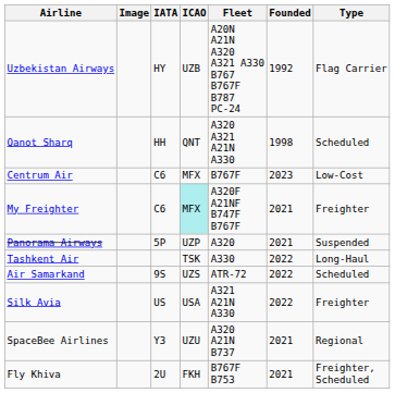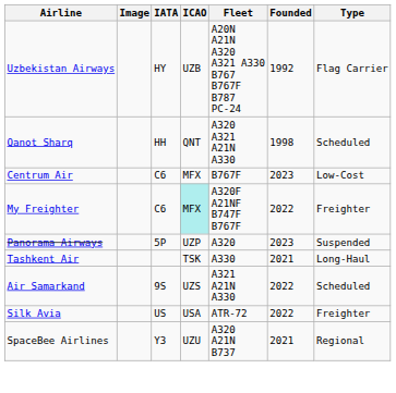 <table class="wikitable sortable">
 <tr valign="middle">
 <th>Airline</th>
 <th>Image</th>
 <th>IATA</th>
 <th>ICAO</th>
 <th>Fleet</th>
 <th>Founded</th>
 <th>Type</th>
 </tr>
 <tr>
 <td><a href='#'>Uzbekistan Airways</a></td>
 <td></td>
 <td>HY</td>
 <td>UZB</td>
 <td>A20N<br>A21N<br>A320<br>A321 A330<br>B767<br>B767F<br>B787<br>PC-24</td>
 <td>1992</td>
 <td>Flag Carrier</td>
 </tr>
 <tr>
 <td><a href='#'>Qanot Sharq</a></td>
 <td></td>
 <td>HH</td>
 <td>QNT</td>
 <td>A320<br>A321<br>A21N<br>A330</td>
 <td>1998</td>
 <td>Scheduled</td>
 </tr>
 <tr>
 <td><a href='#'>Centrum Air</a></td>
 <td></td>
 <td>C6</td>
 <td>MFX</td>
 <td>B767F</td>
 <td>2023</td>
 <td>Low-Cost</td>
 </tr>
 <tr>
 <td><a href='#'>My Freighter</a></td>
 <td></td>
 <td>C6</td>
 <td style="background: paleturquoise;">MFX</td>
 <td>A320F<br>A21NF<br>B747F<br>B767F</td>
-<td>2021</td>
+<td>2022</td>
 <td>Freighter</td>
 </tr>
 <tr>
 <td><s><a href='#'>Panorama Airways</a></s></td>
 <td></td>
 <td>5P</td>
 <td>UZP</td>
 <td>A320</td>
-<td>2021</td>
+<td>2023</td>
 <td>Suspended</td>
 </tr>
 <tr>
 <td><a href='#'>Tashkent Air</a></td>
 <td></td>
 <td></td>
 <td>TSK</td>
 <td>A330</td>
-<td>2022</td>
+<td>2021</td>
 <td>Long-Haul</td>
 </tr>
 <tr>
 <td><a href='#'>Air Samarkand</a></td>
 <td></td>
 <td>9S</td>
 <td>UZS</td>
-<td>ATR-72</td>
+<td>A321<br>A21N<br>A330</td>
 <td>2022</td>
 <td>Scheduled</td>
 </tr>
 <tr>
 <td><a href='#'>Silk Avia</a></td>
 <td></td>
 <td>US</td>
 <td>USA</td>
-<td>A321<br>A21N<br>A330</td>
+<td>ATR-72</td>
 <td>2022</td>
 <td>Freighter</td>
 </tr>
 <tr>
 <td>SpaceBee Airlines</td>
 <td></td>
 <td>Y3</td>
 <td>UZU</td>
 <td>A320<br>A21N<br>B737</td>
 <td>2021</td>
 <td>Regional</td>
 </tr>
-<tr>
-<td>Fly Khiva</td>
-<td></td>
-<td>2U</td>
-<td>FKH</td>
-<td>B767F<br>B753</td>
-<td>2021</td>
-<td>Freighter,<br>Scheduled</td>
-</tr>
 </table>
